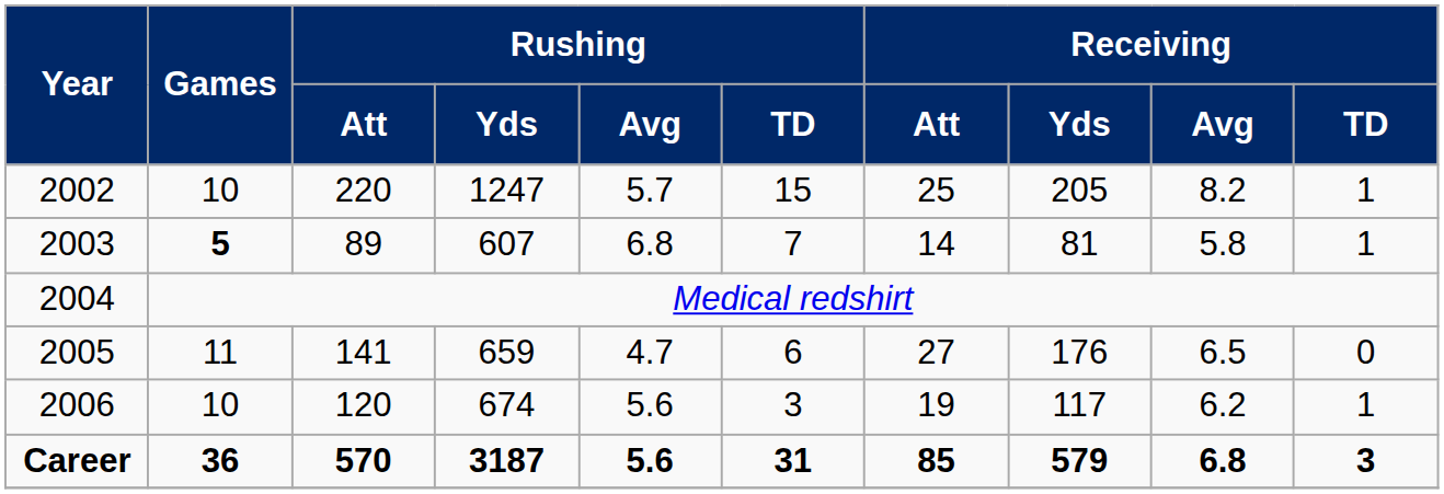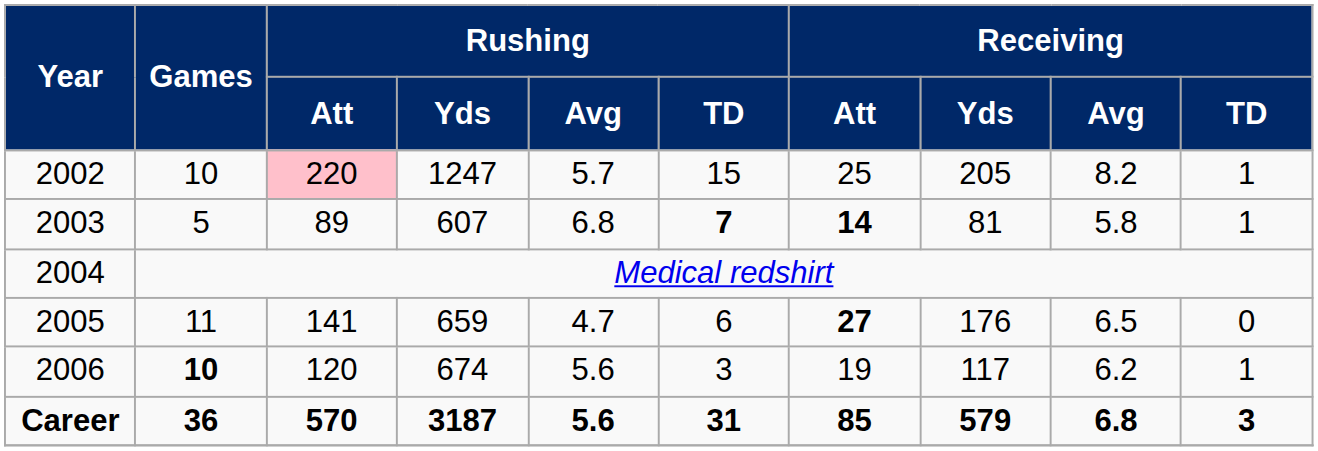 <table class="wikitable" style="text-align: center">
 <tr>
 <th style="background:#002868; color:#FFFFFF" width="060" height="030" rowspan=2><strong>Year</strong></th>
 <th style="background:#002868; color:#FFFFFF" width="060" height="030" rowspan=2><strong>Games</strong></th>
 <th style="background:#002868; color:#FFFFFF" width="015" height="030" colspan=4 align=center><strong>Rushing</strong></th>
 <th style="background:#002868; color:#FFFFFF" width="015" height="030" colspan=4 align=center><strong>Receiving</strong></th>
 </tr>
 <tr>
 <th style="background:#002868; color:#FFFFFF" width="060" height="030"><strong>Att</strong></th>
 <th style="background:#002868; color:#FFFFFF" width="060" height="030"><strong>Yds</strong></th>
 <th style="background:#002868; color:#FFFFFF" width="060" height="030"><strong>Avg</strong></th>
 <th style="background:#002868; color:#FFFFFF" width="060" height="030"><strong>TD</strong></th>
 <th style="background:#002868; color:#FFFFFF" width="060" height="030"><strong>Att</strong></th>
 <th style="background:#002868; color:#FFFFFF" width="060" height="030"><strong>Yds</strong></th>
 <th style="background:#002868; color:#FFFFFF" width="060" height="030"><strong>Avg</strong></th>
 <th style="background:#002868; color:#FFFFFF" width="060" height="030"><strong>TD</strong></th>
 </tr>
 <tr>
 <td>2002</td>
 <td>10</td>
-<td>220</td>
+<td style="background: pink;">220</td>
 <td>1247</td>
 <td>5.7</td>
 <td>15</td>
 <td>25</td>
 <td>205</td>
 <td>8.2</td>
 <td>1</td>
 </tr>
 <tr>
 <td>2003</td>
-<td><strong>5</strong></td>
+<td>5</td>
 <td>89</td>
 <td>607</td>
 <td>6.8</td>
-<td>7</td>
-<td>14</td>
+<td><strong>7</strong></td>
+<td><strong>14</strong></td>
 <td>81</td>
 <td>5.8</td>
 <td>1</td>
 </tr>
 <tr>
 <td>2004</td>
 <td colspan=9 align=center><a href='#'><em>Medical redshirt</em></a></td>
 </tr>
 <tr>
 <td>2005</td>
 <td>11</td>
 <td>141</td>
 <td>659</td>
 <td>4.7</td>
 <td>6</td>
-<td>27</td>
+<td><strong>27</strong></td>
 <td>176</td>
 <td>6.5</td>
 <td>0</td>
 </tr>
 <tr>
 <td>2006</td>
-<td>10</td>
+<td><strong>10</strong></td>
 <td>120</td>
 <td>674</td>
 <td>5.6</td>
 <td>3</td>
 <td>19</td>
 <td>117</td>
 <td>6.2</td>
 <td>1</td>
 </tr>
 <tr>
 <td><strong>Career</strong></td>
 <td><strong>36 </strong></td>
 <td><strong>570</strong></td>
 <td><strong>3187</strong></td>
 <td><strong>5.6</strong></td>
 <td><strong>31</strong></td>
 <td><strong>85</strong></td>
 <td><strong>579</strong></td>
 <td><strong>6.8</strong></td>
 <td><strong>3</strong></td>
 </tr>
 <tr>
 </tr>
 </table>
